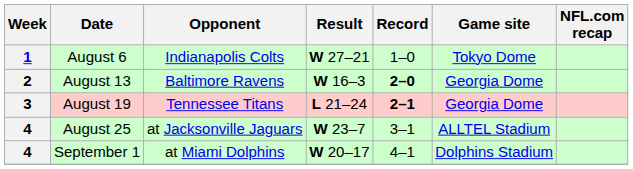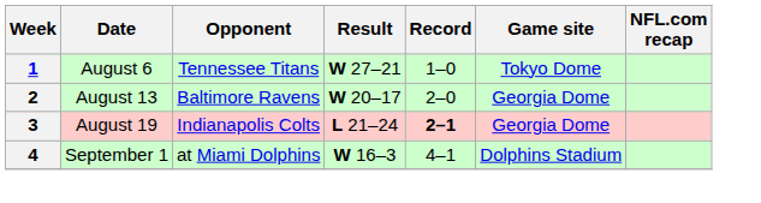 <table class="wikitable" style="text-align:center">
 <tr>
 <th>Week</th>
 <th>Date</th>
 <th>Opponent</th>
 <th>Result</th>
 <th>Record</th>
 <th>Game site</th>
 <th>NFL.com<br>recap</th>
 </tr>
 <tr style="background: #cfc;">
 <th><a href='#'>1</a></th>
 <td>August 6</td>
-<td><a href='#'>Indianapolis Colts</a></td>
+<td><a href='#'>Tennessee Titans</a></td>
 <td><strong>W</strong> 27–21</td>
 <td>1–0</td>
 <td> <a href='#'>Tokyo Dome</a> </td>
 <td></td>
 </tr>
 <tr style="background: #cfc;">
 <th>2</th>
 <td>August 13</td>
 <td><a href='#'>Baltimore Ravens</a></td>
-<td><strong>W</strong> 16–3</td>
-<td><strong>2–0</strong></td>
+<td><strong>W</strong> 20–17</td>
+<td>2–0</td>
 <td><a href='#'>Georgia Dome</a></td>
 <td></td>
 </tr>
 <tr style="background: #fcc;">
 <th>3</th>
 <td>August 19</td>
-<td><a href='#'>Tennessee Titans</a></td>
+<td><a href='#'>Indianapolis Colts</a></td>
 <td><strong>L</strong> 21–24</td>
 <td><strong>2–1</strong></td>
 <td><a href='#'>Georgia Dome</a></td>
 <td></td>
 </tr>
 <tr style="background: #cfc;">
 <th>4</th>
-<td>August 25</td>
-<td>at <a href='#'>Jacksonville Jaguars</a></td>
-<td><strong>W</strong> 23–7</td>
-<td>3–1</td>
-<td><a href='#'>ALLTEL Stadium</a></td>
-<td></td>
-</tr>
-<tr style="background: #cfc;">
-<th>4</th>
 <td>September 1</td>
 <td>at <a href='#'>Miami Dolphins</a></td>
-<td><strong>W</strong> 20–17</td>
+<td><strong>W</strong> 16–3</td>
 <td>4–1</td>
 <td><a href='#'>Dolphins Stadium</a></td>
 <td></td>
 </tr>
 <tr>
 </tr>
 </table>
